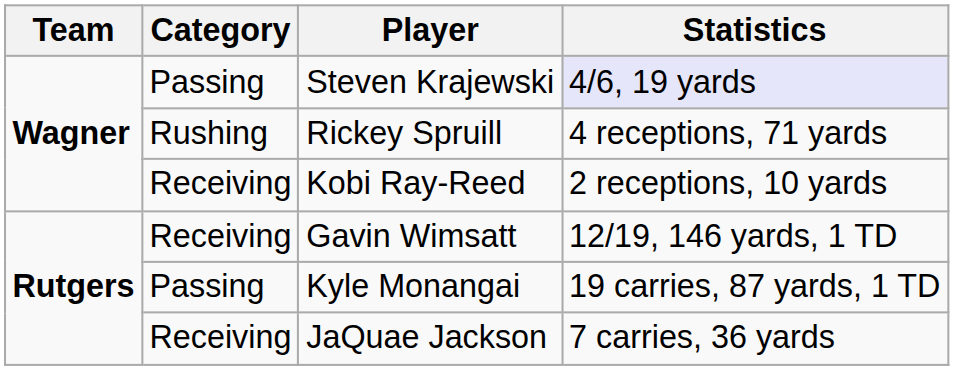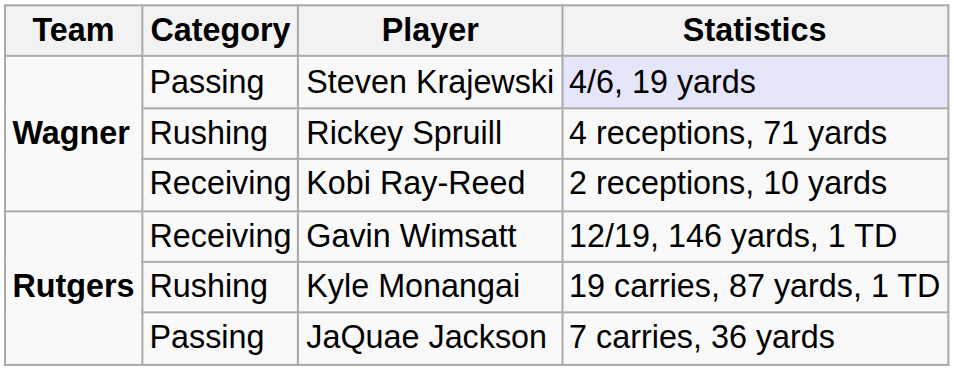 <table class="wikitable" style="float: left;">
 <tr>
 <th>Team</th>
 <th>Category</th>
 <th>Player</th>
 <th>Statistics</th>
 </tr>
 <tr>
 <td rowspan=3><strong>Wagner</strong></td>
 <td>Passing</td>
 <td>Steven Krajewski</td>
 <td style="background: lavender;">4/6, 19 yards</td>
 </tr>
 <tr>
 <td>Rushing</td>
 <td>Rickey Spruill</td>
 <td>4 receptions, 71 yards</td>
 </tr>
 <tr>
 <td>Receiving</td>
 <td>Kobi Ray-Reed</td>
 <td>2 receptions, 10 yards</td>
 </tr>
 <tr>
 <td rowspan=3><strong>Rutgers</strong></td>
 <td>Receiving</td>
 <td>Gavin Wimsatt</td>
 <td>12/19, 146 yards, 1 TD</td>
 </tr>
 <tr>
-<td>Passing</td>
+<td>Rushing</td>
 <td>Kyle Monangai</td>
 <td>19 carries, 87 yards, 1 TD</td>
 </tr>
 <tr>
-<td>Receiving</td>
+<td>Passing</td>
 <td>JaQuae Jackson</td>
 <td>7 carries, 36 yards</td>
 </tr>
 </table>
